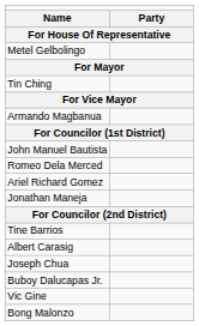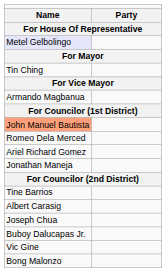 <table class="wikitable" style="font-size:90%">
 <tr>
 <td colspan="5" style="color:inherit;background:"></td>
 </tr>
 <tr>
 <th !width=150px>Name</th>
 <th colspan=2 width=110px>Party</th>
 </tr>
 <tr>
 <th colspan="3">For House Of Representative</th>
 </tr>
 <tr>
-<td>Metel Gelbolingo</td>
+<td style="background: lavender;">Metel Gelbolingo</td>
 <td></td>
 </tr>
 <tr>
 <th colspan="3">For Mayor</th>
 </tr>
 <tr>
 <td>Tin Ching</td>
 <td></td>
 </tr>
 <tr>
 <th colspan="3">For Vice Mayor</th>
 </tr>
 <tr>
 <td>Armando Magbanua</td>
 <td></td>
 </tr>
 <tr>
 <th colspan="3">For Councilor (1st District)</th>
 </tr>
 <tr>
-<td>John Manuel Bautista</td>
+<td style="background: lightsalmon;">John Manuel Bautista</td>
 <td></td>
 </tr>
 <tr>
 <td>Romeo Dela Merced</td>
 <td></td>
 </tr>
 <tr>
 <td>Ariel Richard Gomez</td>
 <td></td>
 </tr>
 <tr>
 <td>Jonathan Maneja</td>
 <td></td>
 </tr>
 <tr>
 <th colspan="3">For Councilor (2nd District)</th>
 </tr>
 <tr>
 <td>Tine Barrios</td>
 <td></td>
 </tr>
 <tr>
 <td>Albert Carasig</td>
 <td></td>
 </tr>
 <tr>
 <td>Joseph Chua</td>
 <td></td>
 </tr>
 <tr>
 <td>Buboy Dalucapas Jr.</td>
 <td></td>
 </tr>
 <tr>
 <td>Vic Gine</td>
 <td></td>
 </tr>
 <tr>
 <td>Bong Malonzo</td>
 <td></td>
 </tr>
 </table>
